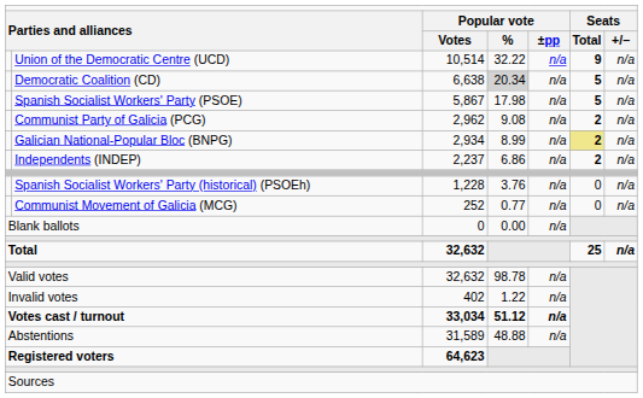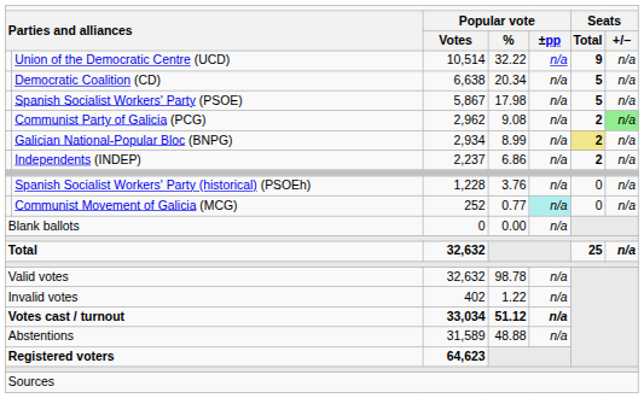 <table class="wikitable" style="text-align:right;">
 <tr>
 <td colspan="7"></td>
 </tr>
 <tr>
 <th style="text-align:left;" rowspan="2" colspan="2" width="525">Parties and alliances</th>
 <th colspan="3">Popular vote</th>
 <th colspan="2">Seats</th>
 </tr>
 <tr>
 <th width="75">Votes</th>
 <th width="45">%</th>
 <th width="45">±<a href='#'>pp</a></th>
 <th width="35">Total</th>
 <th width="35">+/−</th>
 </tr>
 <tr>
 <td width="1" style="color:inherit;background:"></td>
 <td align="left"><a href='#'>Union of the Democratic Centre</a> (UCD)</td>
 <td>10,514</td>
 <td>32.22</td>
 <td><em><a href='#'>n/a</a></em></td>
 <td><strong>9</strong></td>
 <td><em>n/a</em></td>
 </tr>
 <tr>
 <td style="color:inherit;background:"></td>
 <td align="left"><a href='#'>Democratic Coalition</a> (CD)</td>
 <td>6,638</td>
-<td style="background: lightgrey;">20.34</td>
+<td>20.34</td>
 <td><em>n/a</em></td>
 <td><strong>5</strong></td>
 <td><em>n/a</em></td>
 </tr>
 <tr>
 <td style="color:inherit;background:"></td>
 <td align="left"><a href='#'>Spanish Socialist Workers' Party</a> (PSOE)</td>
 <td>5,867</td>
 <td>17.98</td>
 <td><em>n/a</em></td>
 <td><strong>5</strong></td>
 <td><em>n/a</em></td>
 </tr>
 <tr>
 <td style="color:inherit;background:"></td>
 <td align="left"><a href='#'>Communist Party of Galicia</a> (PCG)</td>
 <td>2,962</td>
 <td>9.08</td>
 <td><em>n/a</em></td>
 <td><strong>2</strong></td>
-<td><em>n/a</em></td>
+<td style="background: lightgreen;"><em>n/a</em></td>
 </tr>
 <tr>
 <td style="color:inherit;background:"></td>
 <td align="left"><a href='#'>Galician National-Popular Bloc</a> (BNPG)</td>
 <td>2,934</td>
 <td>8.99</td>
 <td><em>n/a</em></td>
 <td style="background: khaki;"><strong>2</strong></td>
 <td><em>n/a</em></td>
 </tr>
 <tr>
 <td style="color:inherit;background:"></td>
 <td align="left"><a href='#'>Independents</a> (INDEP)</td>
 <td>2,237</td>
 <td>6.86</td>
 <td><em>n/a</em></td>
 <td><strong>2</strong></td>
 <td><em>n/a</em></td>
 </tr>
 <tr>
 <td colspan="7" bgcolor="#C0C0C0"></td>
 </tr>
 <tr>
 <td style="color:inherit;background:"></td>
 <td align="left"><a href='#'>Spanish Socialist Workers' Party (historical)</a> (PSOEh)</td>
 <td>1,228</td>
 <td>3.76</td>
 <td><em>n/a</em></td>
 <td>0</td>
 <td><em>n/a</em></td>
 </tr>
 <tr>
 <td style="color:inherit;background:"></td>
 <td align="left"><a href='#'>Communist Movement of Galicia</a> (MCG)</td>
 <td>252</td>
 <td>0.77</td>
-<td><em>n/a</em></td>
+<td style="background: paleturquoise;"><em>n/a</em></td>
 <td>0</td>
 <td><em>n/a</em></td>
 </tr>
 <tr>
 <td align="left" colspan="2">Blank ballots</td>
 <td>0</td>
 <td>0.00</td>
 <td><em>n/a</em></td>
 <td bgcolor="#E9E9E9" colspan="2"></td>
 </tr>
 <tr>
 <td colspan="7" bgcolor="#E9E9E9"></td>
 </tr>
 <tr style="font-weight:bold;">
 <td align="left" colspan="2">Total</td>
 <td>32,632</td>
 <td bgcolor="#E9E9E9" colspan="2"></td>
 <td>25</td>
 <td><em>n/a</em></td>
 </tr>
 <tr>
 <td colspan="7" bgcolor="#E9E9E9"></td>
 </tr>
 <tr>
 <td align="left" colspan="2">Valid votes</td>
 <td>32,632</td>
 <td>98.78</td>
 <td><em>n/a</em></td>
 <td bgcolor="#E9E9E9" colspan="2" rowspan="5"></td>
 </tr>
 <tr>
 <td align="left" colspan="2">Invalid votes</td>
 <td>402</td>
 <td>1.22</td>
 <td><em>n/a</em></td>
 </tr>
 <tr style="font-weight:bold;">
 <td align="left" colspan="2">Votes cast / turnout</td>
 <td>33,034</td>
 <td>51.12</td>
 <td><em>n/a</em></td>
 </tr>
 <tr>
 <td align="left" colspan="2">Abstentions</td>
 <td>31,589</td>
 <td>48.88</td>
 <td><em>n/a</em></td>
 </tr>
 <tr style="font-weight:bold;">
 <td align="left" colspan="2">Registered voters</td>
 <td>64,623</td>
 <td bgcolor="#E9E9E9" colspan="2"></td>
 </tr>
 <tr>
 <td colspan="7" bgcolor="#E9E9E9"></td>
 </tr>
 <tr>
 <td align="left" colspan="7">Sources</td>
 </tr>
 </table>
